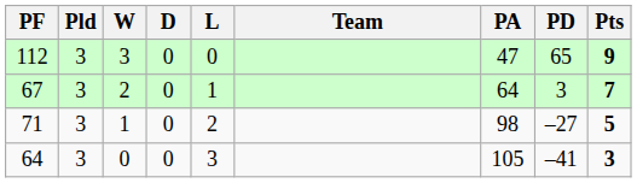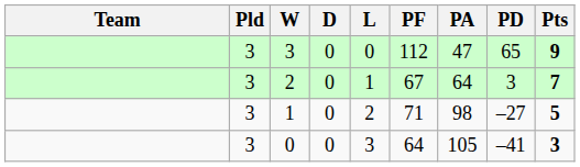 <table class="wikitable" style="text-align:center;">
 <tr>
-<th width=32 abbr="Points for">PF</th>
+<th width=175>Team</th>
 <th width=25 abbr="Played">Pld</th>
 <th width=25 abbr="Won">W</th>
 <th width=25 abbr="Drawn">D</th>
 <th width=25 abbr="Lost">L</th>
-<th width=175>Team</th>
+<th width=32 abbr="Points for">PF</th>
 <th width=32 abbr="Points against">PA</th>
 <th width=32 abbr="Points difference">PD</th>
 <th width=25 abbr="Points">Pts</th>
 </tr>
 <tr style="background:#cfc;">
-<td>112</td>
+<td align="left"></td>
 <td>3</td>
 <td>3</td>
 <td>0</td>
 <td>0</td>
-<td align="left"></td>
+<td>112</td>
 <td>47</td>
 <td>65</td>
 <td><strong>9</strong></td>
 </tr>
 <tr style="background:#cfc;">
-<td>67</td>
+<td align="left"></td>
 <td>3</td>
 <td>2</td>
 <td>0</td>
 <td>1</td>
-<td align="left"></td>
+<td>67</td>
 <td>64</td>
 <td>3</td>
 <td><strong>7</strong></td>
 </tr>
 <tr>
-<td>71</td>
+<td align="left"></td>
 <td>3</td>
 <td>1</td>
 <td>0</td>
 <td>2</td>
-<td align="left"></td>
+<td>71</td>
 <td>98</td>
 <td>–27</td>
 <td><strong>5</strong></td>
 </tr>
 <tr>
-<td>64</td>
+<td align="left"></td>
 <td>3</td>
 <td>0</td>
 <td>0</td>
 <td>3</td>
-<td align="left"></td>
+<td>64</td>
 <td>105</td>
 <td>–41</td>
 <td><strong>3</strong></td>
 </tr>
 </table>
